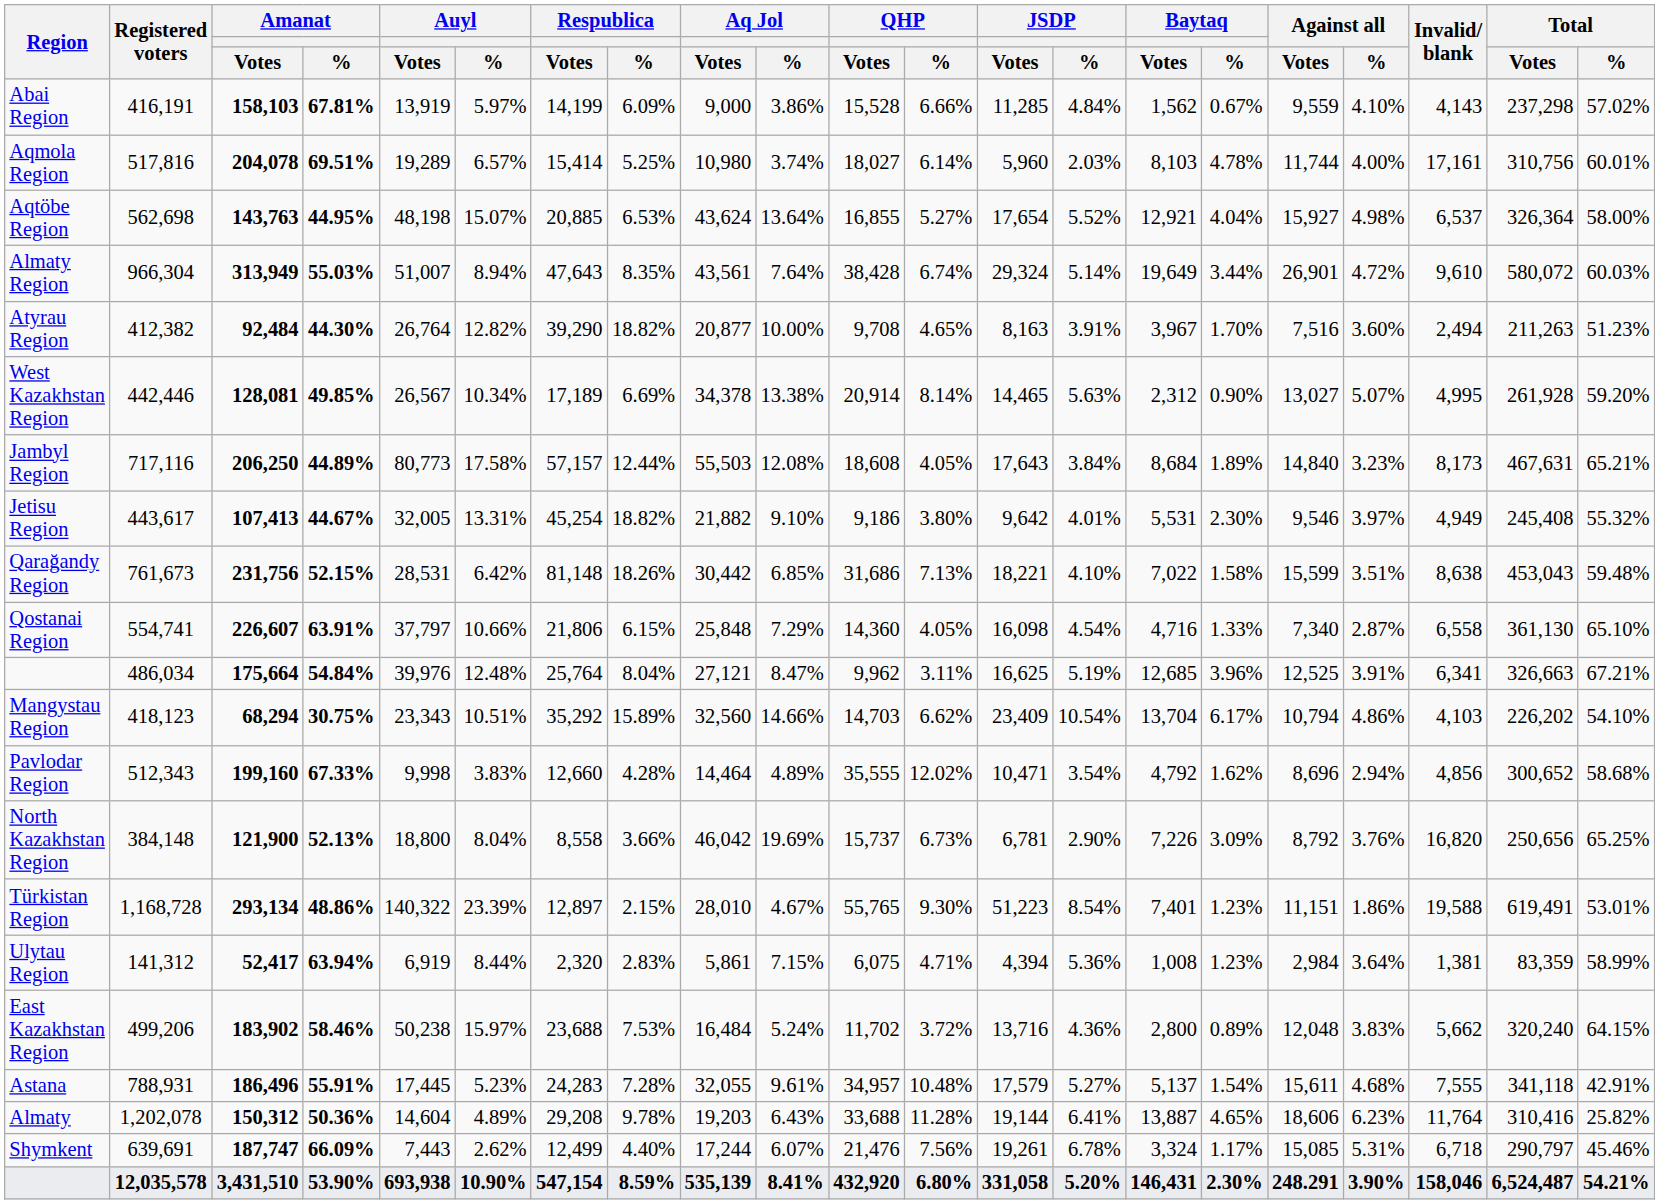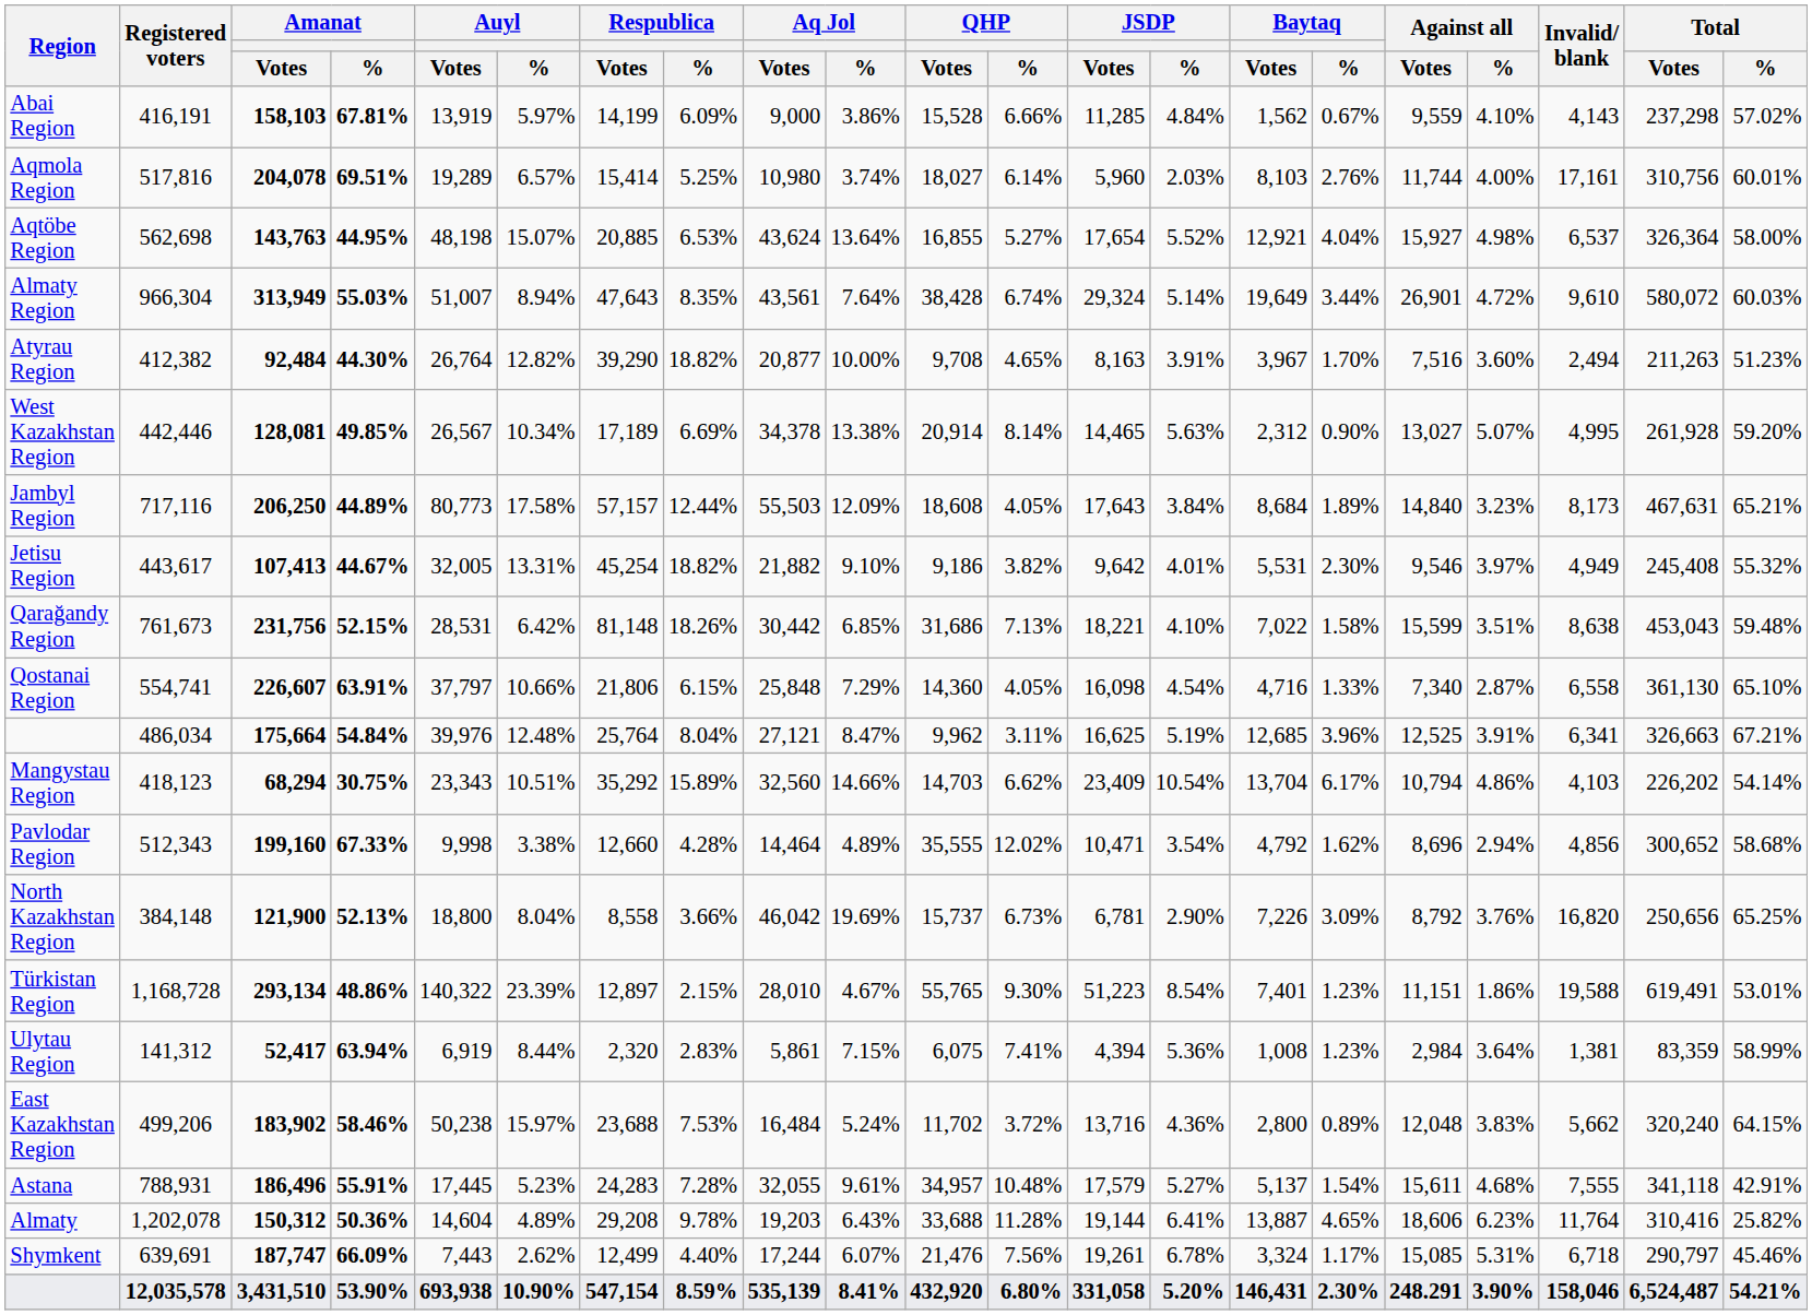 <table class="wikitable sortable mw-collapsible">
 <tr>
 <th rowspan="3"><a href='#'>Region</a></th>
 <th rowspan="3">Registered voters</th>
 <th colspan="2"><a href='#'>Amanat</a></th>
 <th colspan="2"><a href='#'>Auyl</a></th>
 <th colspan="2"><a href='#'>Respublica</a></th>
 <th colspan="2"><a href='#'>Aq Jol</a></th>
 <th colspan="2"><a href='#'>QHP</a></th>
 <th colspan="2"><a href='#'>JSDP</a></th>
 <th colspan="2"><a href='#'>Baytaq</a></th>
 <th colspan="2" rowspan="2">Against all</th>
 <th rowspan="3">Invalid/<br>blank</th>
 <th colspan="2" rowspan="2">Total</th>
 </tr>
 <tr>
 <th colspan="2" style="background:"></th>
 <th colspan="2" style="background:"></th>
 <th colspan="2" style="background:"></th>
 <th colspan="2" style="background:"></th>
 <th colspan="2" style="background:"></th>
 <th colspan="2" style="background:"></th>
 <th colspan="2" style="background:"></th>
 </tr>
 <tr>
 <th>Votes</th>
 <th>%</th>
 <th>Votes</th>
 <th>%</th>
 <th>Votes</th>
 <th>%</th>
 <th>Votes</th>
 <th>%</th>
 <th>Votes</th>
 <th>%</th>
 <th>Votes</th>
 <th>%</th>
 <th>Votes</th>
 <th>%</th>
 <th>Votes</th>
 <th>%</th>
 <th>Votes</th>
 <th>%</th>
 </tr>
 <tr align="right">
 <td align="left"><a href='#'>Abai Region</a></td>
 <td align="center">416,191</td>
 <td><strong>158,103</strong></td>
 <td><strong>67.81%</strong></td>
 <td>13,919</td>
 <td>5.97%</td>
 <td>14,199</td>
 <td>6.09%</td>
 <td>9,000</td>
 <td>3.86%</td>
 <td>15,528</td>
 <td>6.66%</td>
 <td>11,285</td>
 <td>4.84%</td>
 <td>1,562</td>
 <td>0.67%</td>
 <td>9,559</td>
 <td>4.10%</td>
 <td>4,143</td>
 <td>237,298</td>
 <td>57.02%</td>
 </tr>
 <tr align="right">
 <td align="left"><a href='#'>Aqmola Region</a></td>
 <td align="center">517,816</td>
 <td><strong>204,078</strong></td>
 <td><strong>69.51%</strong></td>
 <td>19,289</td>
 <td>6.57%</td>
 <td>15,414</td>
 <td>5.25%</td>
 <td>10,980</td>
 <td>3.74%</td>
 <td>18,027</td>
 <td>6.14%</td>
 <td>5,960</td>
 <td>2.03%</td>
 <td>8,103</td>
-<td>4.78%</td>
+<td>2.76%</td>
 <td>11,744</td>
 <td>4.00%</td>
 <td>17,161</td>
 <td>310,756</td>
 <td>60.01%</td>
 </tr>
 <tr align="right">
 <td align="left"><a href='#'>Aqtöbe Region</a></td>
 <td align="center">562,698</td>
 <td><strong>143,763</strong></td>
 <td><strong>44.95%</strong></td>
 <td>48,198</td>
 <td>15.07%</td>
 <td>20,885</td>
 <td>6.53%</td>
 <td>43,624</td>
 <td>13.64%</td>
 <td>16,855</td>
 <td>5.27%</td>
 <td>17,654</td>
 <td>5.52%</td>
 <td>12,921</td>
 <td>4.04%</td>
 <td>15,927</td>
 <td>4.98%</td>
 <td>6,537</td>
 <td>326,364</td>
 <td>58.00%</td>
 </tr>
 <tr align="right">
 <td align="left"><a href='#'>Almaty Region</a></td>
 <td align="center">966,304</td>
 <td><strong>313,949</strong></td>
 <td><strong>55.03%</strong></td>
 <td>51,007</td>
 <td>8.94%</td>
 <td>47,643</td>
 <td>8.35%</td>
 <td>43,561</td>
 <td>7.64%</td>
 <td>38,428</td>
 <td>6.74%</td>
 <td>29,324</td>
 <td>5.14%</td>
 <td>19,649</td>
 <td>3.44%</td>
 <td>26,901</td>
 <td>4.72%</td>
 <td>9,610</td>
 <td>580,072</td>
 <td>60.03%</td>
 </tr>
 <tr align="right">
 <td align="left"><a href='#'>Atyrau Region</a></td>
 <td align="center">412,382</td>
 <td><strong>92,484</strong></td>
 <td><strong>44.30%</strong></td>
 <td>26,764</td>
 <td>12.82%</td>
 <td>39,290</td>
 <td>18.82%</td>
 <td>20,877</td>
 <td>10.00%</td>
 <td>9,708</td>
 <td>4.65%</td>
 <td>8,163</td>
 <td>3.91%</td>
 <td>3,967</td>
 <td>1.70%</td>
 <td>7,516</td>
 <td>3.60%</td>
 <td>2,494</td>
 <td>211,263</td>
 <td>51.23%</td>
 </tr>
 <tr align="right">
 <td align="left"><a href='#'>West Kazakhstan Region</a></td>
 <td align="center">442,446</td>
 <td><strong>128,081</strong></td>
 <td><strong>49.85%</strong></td>
 <td>26,567</td>
 <td>10.34%</td>
 <td>17,189</td>
 <td>6.69%</td>
 <td>34,378</td>
 <td>13.38%</td>
 <td>20,914</td>
 <td>8.14%</td>
 <td>14,465</td>
 <td>5.63%</td>
 <td>2,312</td>
 <td>0.90%</td>
 <td>13,027</td>
 <td>5.07%</td>
 <td>4,995</td>
 <td>261,928</td>
 <td>59.20%</td>
 </tr>
 <tr align="right">
 <td align="left"><a href='#'>Jambyl Region</a></td>
 <td align="center">717,116</td>
 <td><strong>206,250</strong></td>
 <td><strong>44.89%</strong></td>
 <td>80,773</td>
 <td>17.58%</td>
 <td>57,157</td>
 <td>12.44%</td>
 <td>55,503</td>
-<td>12.08%</td>
+<td>12.09%</td>
 <td>18,608</td>
 <td>4.05%</td>
 <td>17,643</td>
 <td>3.84%</td>
 <td>8,684</td>
 <td>1.89%</td>
 <td>14,840</td>
 <td>3.23%</td>
 <td>8,173</td>
 <td>467,631</td>
 <td>65.21%</td>
 </tr>
 <tr align="right">
 <td align="left"><a href='#'>Jetisu Region</a></td>
 <td align="center">443,617</td>
 <td><strong>107,413</strong></td>
 <td><strong>44.67%</strong></td>
 <td>32,005</td>
 <td>13.31%</td>
 <td>45,254</td>
 <td>18.82%</td>
 <td>21,882</td>
 <td>9.10%</td>
 <td>9,186</td>
-<td>3.80%</td>
+<td>3.82%</td>
 <td>9,642</td>
 <td>4.01%</td>
 <td>5,531</td>
 <td>2.30%</td>
 <td>9,546</td>
 <td>3.97%</td>
 <td>4,949</td>
 <td>245,408</td>
 <td>55.32%</td>
 </tr>
 <tr align="right">
 <td align="left"><a href='#'>Qarağandy Region</a></td>
 <td align="center">761,673</td>
 <td><strong>231,756</strong></td>
 <td><strong>52.15%</strong></td>
 <td>28,531</td>
 <td>6.42%</td>
 <td>81,148</td>
 <td>18.26%</td>
 <td>30,442</td>
 <td>6.85%</td>
 <td>31,686</td>
 <td>7.13%</td>
 <td>18,221</td>
 <td>4.10%</td>
 <td>7,022</td>
 <td>1.58%</td>
 <td>15,599</td>
 <td>3.51%</td>
 <td>8,638</td>
 <td>453,043</td>
 <td>59.48%</td>
 </tr>
 <tr align="right">
 <td align="left"><a href='#'>Qostanai Region</a></td>
 <td align="center">554,741</td>
 <td><strong>226,607</strong></td>
 <td><strong>63.91%</strong></td>
 <td>37,797</td>
 <td>10.66%</td>
 <td>21,806</td>
 <td>6.15%</td>
 <td>25,848</td>
 <td>7.29%</td>
 <td>14,360</td>
 <td>4.05%</td>
 <td>16,098</td>
 <td>4.54%</td>
 <td>4,716</td>
 <td>1.33%</td>
 <td>7,340</td>
 <td>2.87%</td>
 <td>6,558</td>
 <td>361,130</td>
 <td>65.10%</td>
 </tr>
 <tr align="right">
 <td align="left"></td>
 <td align="center">486,034</td>
 <td><strong>175,664</strong></td>
 <td><strong>54.84%</strong></td>
 <td>39,976</td>
 <td>12.48%</td>
 <td>25,764</td>
 <td>8.04%</td>
 <td>27,121</td>
 <td>8.47%</td>
 <td>9,962</td>
 <td>3.11%</td>
 <td>16,625</td>
 <td>5.19%</td>
 <td>12,685</td>
 <td>3.96%</td>
 <td>12,525</td>
 <td>3.91%</td>
 <td>6,341</td>
 <td>326,663</td>
 <td>67.21%</td>
 </tr>
 <tr align="right">
 <td align="left"><a href='#'>Mangystau Region</a></td>
 <td align="center">418,123</td>
 <td><strong>68,294</strong></td>
 <td><strong>30.75%</strong></td>
 <td>23,343</td>
 <td>10.51%</td>
 <td>35,292</td>
 <td>15.89%</td>
 <td>32,560</td>
 <td>14.66%</td>
 <td>14,703</td>
 <td>6.62%</td>
 <td>23,409</td>
 <td>10.54%</td>
 <td>13,704</td>
 <td>6.17%</td>
 <td>10,794</td>
 <td>4.86%</td>
 <td>4,103</td>
 <td>226,202</td>
-<td>54.10%</td>
+<td>54.14%</td>
 </tr>
 <tr align="right">
 <td align="left"><a href='#'>Pavlodar Region</a></td>
 <td align="center">512,343</td>
 <td><strong>199,160</strong></td>
 <td><strong>67.33%</strong></td>
 <td>9,998</td>
-<td>3.83%</td>
+<td>3.38%</td>
 <td>12,660</td>
 <td>4.28%</td>
 <td>14,464</td>
 <td>4.89%</td>
 <td>35,555</td>
 <td>12.02%</td>
 <td>10,471</td>
 <td>3.54%</td>
 <td>4,792</td>
 <td>1.62%</td>
 <td>8,696</td>
 <td>2.94%</td>
 <td>4,856</td>
 <td>300,652</td>
 <td>58.68%</td>
 </tr>
 <tr align="right">
 <td align="left"><a href='#'>North Kazakhstan Region</a></td>
 <td align="center">384,148</td>
 <td><strong>121,900</strong></td>
 <td><strong>52.13%</strong></td>
 <td>18,800</td>
 <td>8.04%</td>
 <td>8,558</td>
 <td>3.66%</td>
 <td>46,042</td>
 <td>19.69%</td>
 <td>15,737</td>
 <td>6.73%</td>
 <td>6,781</td>
 <td>2.90%</td>
 <td>7,226</td>
 <td>3.09%</td>
 <td>8,792</td>
 <td>3.76%</td>
 <td>16,820</td>
 <td>250,656</td>
 <td>65.25%</td>
 </tr>
 <tr align="right">
 <td align="left"><a href='#'>Türkistan Region</a></td>
 <td align="center">1,168,728</td>
 <td><strong>293,134</strong></td>
 <td><strong>48.86%</strong></td>
 <td>140,322</td>
 <td>23.39%</td>
 <td>12,897</td>
 <td>2.15%</td>
 <td>28,010</td>
 <td>4.67%</td>
 <td>55,765</td>
 <td>9.30%</td>
 <td>51,223</td>
 <td>8.54%</td>
 <td>7,401</td>
 <td>1.23%</td>
 <td>11,151</td>
 <td>1.86%</td>
 <td>19,588</td>
 <td>619,491</td>
 <td>53.01%</td>
 </tr>
 <tr align="right">
 <td align="left"><a href='#'>Ulytau Region</a></td>
 <td align="center">141,312</td>
 <td><strong>52,417</strong></td>
 <td><strong>63.94%</strong></td>
 <td>6,919</td>
 <td>8.44%</td>
 <td>2,320</td>
 <td>2.83%</td>
 <td>5,861</td>
 <td>7.15%</td>
 <td>6,075</td>
-<td>4.71%</td>
+<td>7.41%</td>
 <td>4,394</td>
 <td>5.36%</td>
 <td>1,008</td>
 <td>1.23%</td>
 <td>2,984</td>
 <td>3.64%</td>
 <td>1,381</td>
 <td>83,359</td>
 <td>58.99%</td>
 </tr>
 <tr align="right">
 <td align="left"><a href='#'>East Kazakhstan Region</a></td>
 <td align="center">499,206</td>
 <td><strong>183,902</strong></td>
 <td><strong>58.46%</strong></td>
 <td>50,238</td>
 <td>15.97%</td>
 <td>23,688</td>
 <td>7.53%</td>
 <td>16,484</td>
 <td>5.24%</td>
 <td>11,702</td>
 <td>3.72%</td>
 <td>13,716</td>
 <td>4.36%</td>
 <td>2,800</td>
 <td>0.89%</td>
 <td>12,048</td>
 <td>3.83%</td>
 <td>5,662</td>
 <td>320,240</td>
 <td>64.15%</td>
 </tr>
 <tr align="right">
 <td align="left"><a href='#'>Astana</a></td>
 <td align="center">788,931</td>
 <td><strong>186,496</strong></td>
 <td><strong>55.91%</strong></td>
 <td>17,445</td>
 <td>5.23%</td>
 <td>24,283</td>
 <td>7.28%</td>
 <td>32,055</td>
 <td>9.61%</td>
 <td>34,957</td>
 <td>10.48%</td>
 <td>17,579</td>
 <td>5.27%</td>
 <td>5,137</td>
 <td>1.54%</td>
 <td>15,611</td>
 <td>4.68%</td>
 <td>7,555</td>
 <td>341,118</td>
 <td>42.91%</td>
 </tr>
 <tr align="right">
 <td align="left"><a href='#'>Almaty</a></td>
 <td align="center">1,202,078</td>
 <td><strong>150,312</strong></td>
 <td><strong>50.36%</strong></td>
 <td>14,604</td>
 <td>4.89%</td>
 <td>29,208</td>
 <td>9.78%</td>
 <td>19,203</td>
 <td>6.43%</td>
 <td>33,688</td>
 <td>11.28%</td>
 <td>19,144</td>
 <td>6.41%</td>
 <td>13,887</td>
 <td>4.65%</td>
 <td>18,606</td>
 <td>6.23%</td>
 <td>11,764</td>
 <td>310,416</td>
 <td>25.82%</td>
 </tr>
 <tr align="right">
 <td align="left"><a href='#'>Shymkent</a></td>
 <td align="center">639,691</td>
 <td><strong>187,747</strong></td>
 <td><strong>66.09%</strong></td>
 <td>7,443</td>
 <td>2.62%</td>
 <td>12,499</td>
 <td>4.40%</td>
 <td>17,244</td>
 <td>6.07%</td>
 <td>21,476</td>
 <td>7.56%</td>
 <td>19,261</td>
 <td>6.78%</td>
 <td>3,324</td>
 <td>1.17%</td>
 <td>15,085</td>
 <td>5.31%</td>
 <td>6,718</td>
 <td>290,797</td>
 <td>45.46%</td>
 </tr>
 <tr class="sortbottom" bgcolor="#EBECF0" align="right">
 <td bgcolor="#EBECF0" align="left"></td>
 <td align="center"><strong>12,035,578</strong></td>
 <td><strong>3,431,510</strong></td>
 <td><strong>53.90%</strong></td>
 <td><strong>693,938</strong></td>
 <td><strong>10.90%</strong></td>
 <td><strong>547,154</strong></td>
 <td><strong>8.59%</strong></td>
 <td><strong>535,139</strong></td>
 <td><strong>8.41%</strong></td>
 <td><strong>432,920</strong></td>
 <td><strong>6.80%</strong></td>
 <td><strong>331,058</strong></td>
 <td><strong>5.20%</strong></td>
 <td><strong>146,431</strong></td>
 <td><strong>2.30%</strong></td>
 <td><strong>248.291</strong></td>
 <td><strong>3.90%</strong></td>
 <td><strong>158,046</strong></td>
 <td><strong>6,524,487</strong></td>
 <td><strong>54.21%</strong></td>
 </tr>
 </table>
